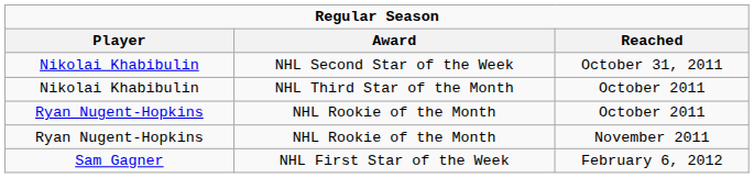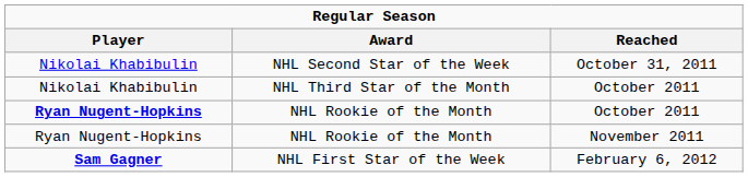 <table class="wikitable" width="52%" style="text-align:center">
 <tr>
 <td colspan="10" align="center"><strong>Regular Season</strong></td>
 </tr>
 <tr>
 <th>Player</th>
 <th>Award</th>
 <th>Reached</th>
 </tr>
 <tr>
 <td><a href='#'>Nikolai Khabibulin</a></td>
 <td>NHL Second Star of the Week</td>
 <td>October 31, 2011</td>
 </tr>
 <tr>
 <td>Nikolai Khabibulin</td>
 <td>NHL Third Star of the Month</td>
 <td>October 2011</td>
 </tr>
 <tr>
-<td><a href='#'>Ryan Nugent-Hopkins</a></td>
+<td><strong><a href='#'>Ryan Nugent-Hopkins</a></strong></td>
 <td>NHL Rookie of the Month</td>
 <td>October 2011</td>
 </tr>
 <tr>
 <td>Ryan Nugent-Hopkins</td>
 <td>NHL Rookie of the Month</td>
 <td>November 2011</td>
 </tr>
 <tr>
-<td><a href='#'>Sam Gagner</a></td>
+<td><strong><a href='#'>Sam Gagner</a></strong></td>
 <td>NHL First Star of the Week</td>
 <td>February 6, 2012</td>
 </tr>
 </table>
